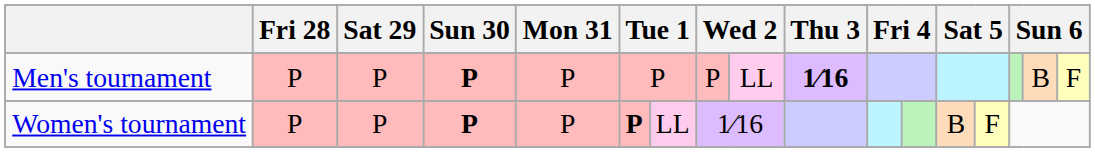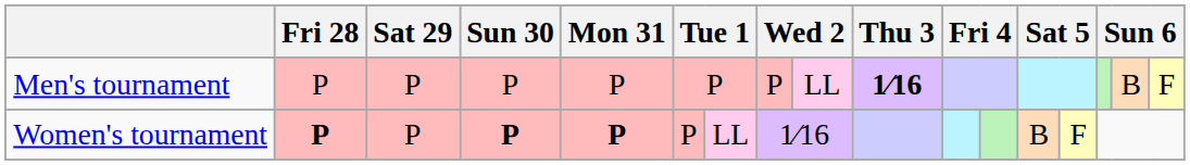 <table class="wikitable" style="margin:0.5em auto; font-size:90%; line-height:1.25em; text-align:center">
 <tr>
 <th></th>
 <th>Fri 28</th>
 <th>Sat 29</th>
 <th>Sun 30</th>
 <th>Mon 31</th>
 <th colspan="2">Tue 1</th>
 <th colspan="2">Wed 2</th>
 <th>Thu 3</th>
 <th colspan="2">Fri 4</th>
 <th colspan="2">Sat 5</th>
 <th colspan="3">Sun 6</th>
 </tr>
 <tr>
 <td align="left"><a href='#'>Men's tournament</a></td>
 <td bgcolor="#FFBBBB">P</td>
 <td bgcolor="#FFBBBB">P</td>
-<td bgcolor="#FFBBBB"><strong>P</strong></td>
+<td bgcolor="#FFBBBB">P</td>
 <td bgcolor="#FFBBBB">P</td>
 <td colspan="2" bgcolor="#FFBBBB">P</td>
 <td bgcolor="#FFBBBB">P</td>
 <td bgcolor="#FFCCEE">LL</td>
 <td bgcolor="#DDBBFF"><strong>1⁄16</strong></td>
 <td colspan="2" bgcolor="#CCCCFF"></td>
 <td colspan="2" bgcolor="#BBF3FF"></td>
 <td bgcolor="#BBF3BB"></td>
 <td bgcolor="#FEDCBA">B</td>
 <td bgcolor="#FFFFBB">F</td>
 </tr>
 <tr>
 <td align="left"><a href='#'>Women's tournament</a></td>
-<td bgcolor="#FFBBBB">P</td>
-<td bgcolor="#FFBBBB">P</td>
 <td bgcolor="#FFBBBB"><strong>P</strong></td>
 <td bgcolor="#FFBBBB">P</td>
 <td bgcolor="#FFBBBB"><strong>P</strong></td>
+<td bgcolor="#FFBBBB"><strong>P</strong></td>
+<td bgcolor="#FFBBBB">P</td>
 <td bgcolor="#FFCCEE">LL</td>
 <td colspan="2" bgcolor="#DDBBFF">1⁄16</td>
 <td bgcolor="#CCCCFF"></td>
 <td bgcolor="#BBF3FF"></td>
 <td bgcolor="#BBF3BB"></td>
 <td bgcolor="#FEDCBA">B</td>
 <td bgcolor="#FFFFBB">F</td>
 <td colspan="3"></td>
 </tr>
 </table>
